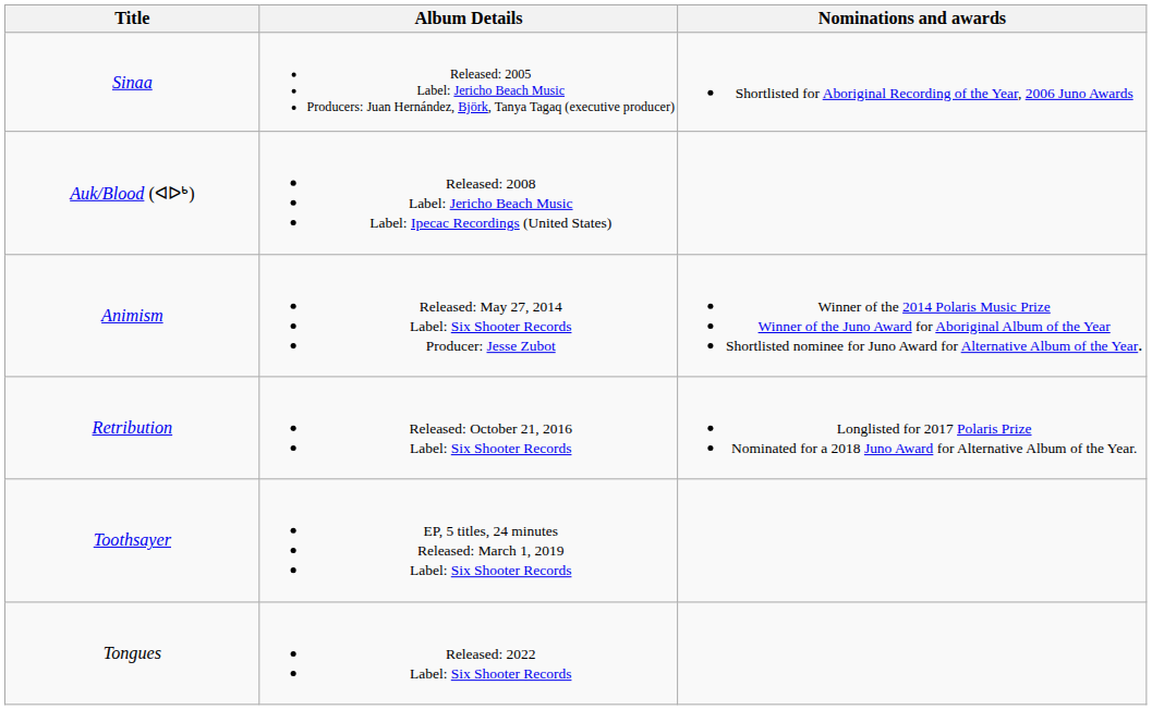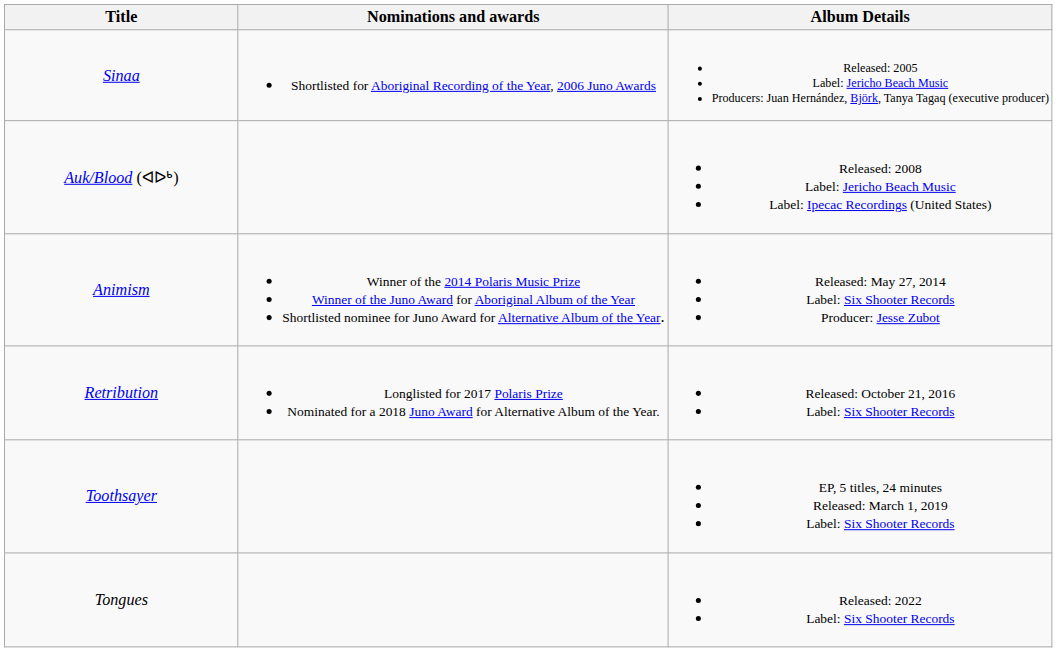 <table class="wikitable plainrowheaders" border="1" style="text-align:center; text-align:center; href:2014 Polaris Music Prize">
 <tr>
 <th scope="col" style="width:14em;">Title</th>
+<th>Nominations and awards</th>
 <th>Album Details</th>
-<th>Nominations and awards</th>
 </tr>
 <tr>
 <td scope="row"><em><a href='#'>Sinaa</a></em></td>
+<td><br><ul><li><small>Shortlisted for <a href='#'>Aboriginal Recording of the Year</a>, <a href='#'>2006 Juno Awards</a></small></li></ul></td>
 <td style="font-size:12px;"><br><ul><li>Released: 2005</li><li>Label: <a href='#'>Jericho Beach Music</a></li><li>Producers: Juan Hernández, <a href='#'>Björk</a>, Tanya Tagaq (executive producer)</li></ul></td>
-<td><br><ul><li><small>Shortlisted for <a href='#'>Aboriginal Recording of the Year</a>, <a href='#'>2006 Juno Awards</a></small></li></ul></td>
 </tr>
 <tr>
 <td><em><a href='#'>Auk/Blood</a></em> (ᐊᐅᒃ)</td>
+<td></td>
 <td><br><ul><li><small>Released: 2008</small></li><li><small>Label: <a href='#'>Jericho Beach Music</a></small></li><li><small>Label: <a href='#'>Ipecac Recordings</a> (United States)</small></li></ul></td>
-<td></td>
 </tr>
 <tr>
 <td><em><a href='#'>Animism</a></em></td>
+<td><br><ul><li><small>Winner of the <a href='#'>2014 Polaris Music Prize</a></small></li><li><small><a href='#'>Winner of the Juno Award</a> for <a href='#'>Aboriginal Album of the Year</a></small></li><li><small>Shortlisted nominee for Juno Award for <a href='#'>Alternative Album of the Year</a></small>.</li></ul></td>
 <td><br><ul><li><small>Released: May 27, 2014</small></li><li><small>Label: <a href='#'>Six Shooter Records</a></small></li><li><small>Producer: <a href='#'>Jesse Zubot</a></small></li></ul></td>
-<td><br><ul><li><small>Winner of the <a href='#'>2014 Polaris Music Prize</a></small></li><li><small><a href='#'>Winner of the Juno Award</a> for <a href='#'>Aboriginal Album of the Year</a></small></li><li><small>Shortlisted nominee for Juno Award for <a href='#'>Alternative Album of the Year</a></small>.</li></ul></td>
 </tr>
 <tr>
 <td><em><a href='#'>Retribution</a></em></td>
+<td><br><ul><li><small>Longlisted for 2017 <a href='#'>Polaris Prize</a></small></li><li><small>Nominated for a 2018 <a href='#'>Juno Award</a> for Alternative Album of the Year.</small></li></ul></td>
 <td><br><ul><li><small>Released: October 21, 2016</small></li><li><small>Label: <a href='#'>Six Shooter Records</a></small></li></ul></td>
-<td><br><ul><li><small>Longlisted for 2017 <a href='#'>Polaris Prize</a></small></li><li><small>Nominated for a 2018 <a href='#'>Juno Award</a> for Alternative Album of the Year.</small></li></ul></td>
 </tr>
 <tr>
 <td><em><a href='#'>Toothsayer</a></em></td>
+<td></td>
 <td><br><ul><li><small>EP, 5 titles, 24 minutes</small></li><li><small>Released: March 1, 2019</small></li><li><small>Label: <a href='#'>Six Shooter Records</a></small></li></ul></td>
-<td></td>
 </tr>
 <tr>
 <td><em>Tongues</em></td>
+<td></td>
 <td><br><ul><li><small>Released: 2022</small></li><li><small>Label: <a href='#'>Six Shooter Records</a></small></li></ul></td>
-<td></td>
 </tr>
 </table>
